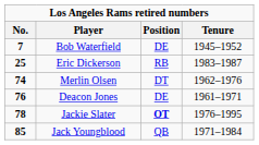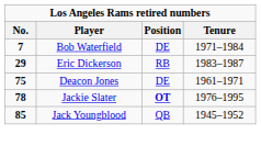 <table class="wikitable sortable" style="text-align:center">
 <tr>
 <td colspan="4"><strong>Los Angeles Rams retired numbers</strong></td>
 </tr>
 <tr>
 <th style="width:40px; ">No.</th>
 <th style="width:150px; ">Player</th>
 <th style="width:40px; ">Position</th>
 <th style="width:100px; ">Tenure</th>
 </tr>
 <tr>
 <td><strong>7</strong></td>
 <td><a href='#'>Bob Waterfield</a></td>
 <td><a href='#'>DE</a></td>
-<td>1945–1952</td>
+<td>1971–1984</td>
 </tr>
 <tr>
-<td><strong>25</strong></td>
+<td><strong>29</strong></td>
 <td><a href='#'>Eric Dickerson</a></td>
 <td><a href='#'>RB</a></td>
 <td>1983–1987</td>
 </tr>
 <tr>
-<td><strong>74</strong></td>
-<td><a href='#'>Merlin Olsen</a></td>
-<td><a href='#'>DT</a></td>
-<td>1962–1976</td>
-</tr>
-<tr>
-<td><strong>76</strong></td>
+<td><strong>75</strong></td>
 <td><a href='#'>Deacon Jones</a></td>
 <td><a href='#'>DE</a></td>
 <td>1961–1971</td>
 </tr>
 <tr>
 <td><strong>78</strong></td>
 <td><a href='#'>Jackie Slater</a></td>
 <td><strong><a href='#'>OT</a></strong></td>
 <td>1976–1995</td>
 </tr>
 <tr>
 <td><strong>85</strong></td>
 <td><a href='#'>Jack Youngblood</a></td>
 <td><a href='#'>QB</a></td>
-<td>1971–1984</td>
+<td>1945–1952</td>
 </tr>
 </table>
